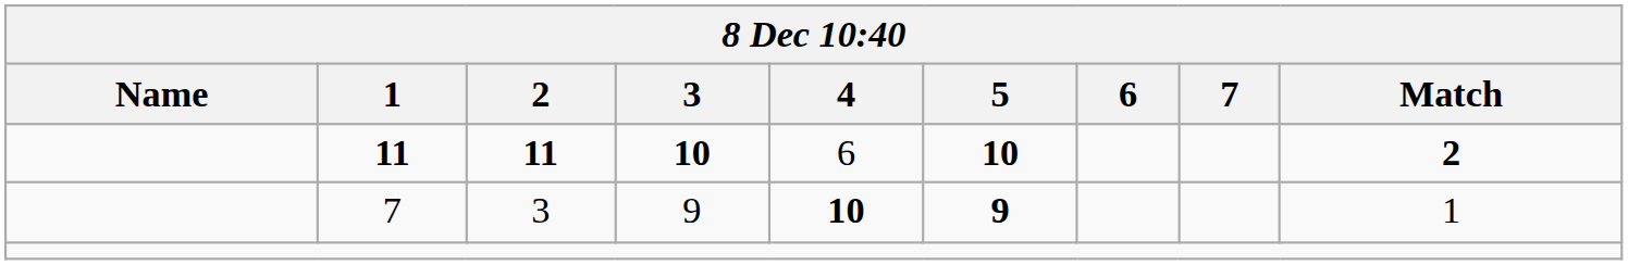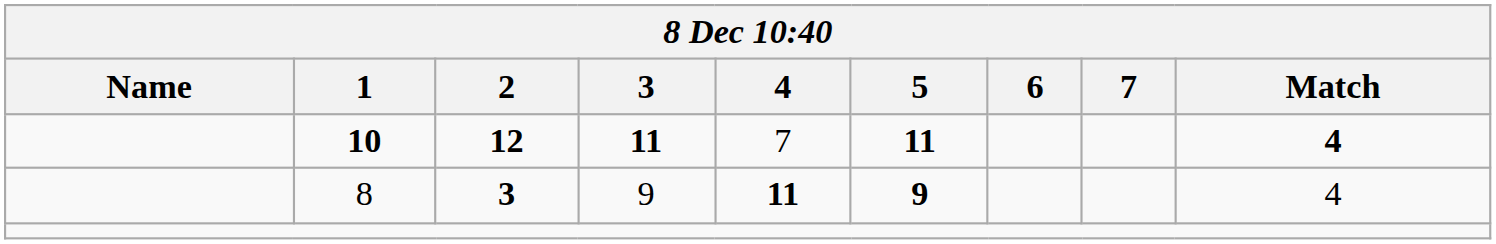 <table class=wikitable style="text-align:center; width: 55%">
 <tr>
 <th colspan=17><em> 8 Dec 10:40</em></th>
 </tr>
 <tr>
 <th>Name</th>
 <th>1</th>
 <th>2</th>
 <th>3</th>
 <th>4</th>
 <th>5</th>
 <th>6</th>
 <th>7</th>
 <th>Match</th>
 </tr>
 <tr>
 <td style="text-align:left;"><strong></strong></td>
+<td><strong>10</strong></td>
+<td><strong>12</strong></td>
 <td><strong>11</strong></td>
+<td>7</td>
 <td><strong>11</strong></td>
-<td><strong>10</strong></td>
-<td>6</td>
-<td><strong>10</strong></td>
 <td></td>
 <td></td>
-<td><strong>2</strong></td>
+<td><strong>4</strong></td>
 </tr>
 <tr>
 <td style="text-align:left;"></td>
-<td>7</td>
-<td>3</td>
+<td>8</td>
+<td><strong>3</strong></td>
 <td>9</td>
-<td><strong>10</strong></td>
+<td><strong>11</strong></td>
 <td><strong>9</strong></td>
 <td></td>
 <td></td>
-<td>1</td>
+<td>4</td>
 </tr>
 <tr>
 <td colspan=17></td>
 </tr>
 </table>
